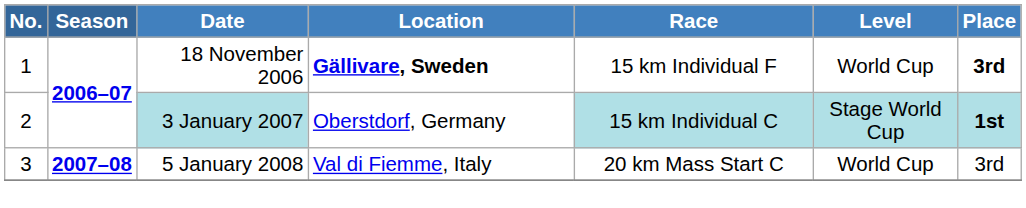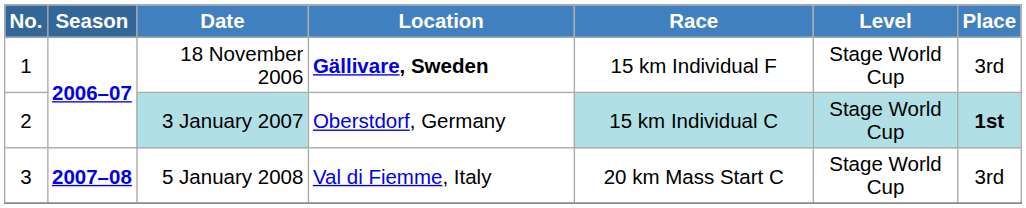 <table class="wikitable sortable" style="font-size:95%; text-align:center; border:grey solid 1px; border-collapse:collapse; background:#ffffff;">
 <tr style="background:#efefef;">
 <th style="background-color:#369; color:white;">No.</th>
 <th style="background-color:#369; color:white;">Season</th>
 <th style="background-color:#4180be; color:white; width:120px;">Date</th>
 <th style="background-color:#4180be; color:white; width:190px;">Location</th>
 <th style="background-color:#4180be; color:white; width:170px;">Race</th>
 <th style="background-color:#4180be; color:white; width:100px;">Level</th>
 <th style="background-color:#4180be; color:white;">Place</th>
 </tr>
 <tr>
 <td align=center>1</td>
 <td rowspan=2 align=center><strong><a href='#'>2006–07</a></strong></td>
 <td align=right>18 November 2006</td>
 <td align=left><strong> <a href='#'>Gällivare</a>, Sweden</strong></td>
 <td>15 km Individual F</td>
-<td>World Cup</td>
-<td><strong>3rd</strong></td>
+<td>Stage World Cup</td>
+<td>3rd</td>
 </tr>
 <tr>
 <td align=center>2</td>
 <td bgcolor="#BOEOE6" align=right>3 January 2007</td>
 <td align=left> <a href='#'>Oberstdorf</a>, Germany</td>
 <td bgcolor="#BOEOE6">15 km Individual C</td>
 <td bgcolor="#BOEOE6">Stage World Cup</td>
 <td bgcolor="#BOEOE6"><strong>1st</strong></td>
 </tr>
 <tr>
 <td align=center>3</td>
 <td rowspan=1 align=center><strong><a href='#'>2007–08</a></strong></td>
 <td align=right>5 January 2008</td>
 <td align=left> <a href='#'>Val di Fiemme</a>, Italy</td>
 <td>20 km Mass Start C</td>
-<td>World Cup</td>
+<td>Stage World Cup</td>
 <td>3rd</td>
 </tr>
 <tr>
 </tr>
 </table>
